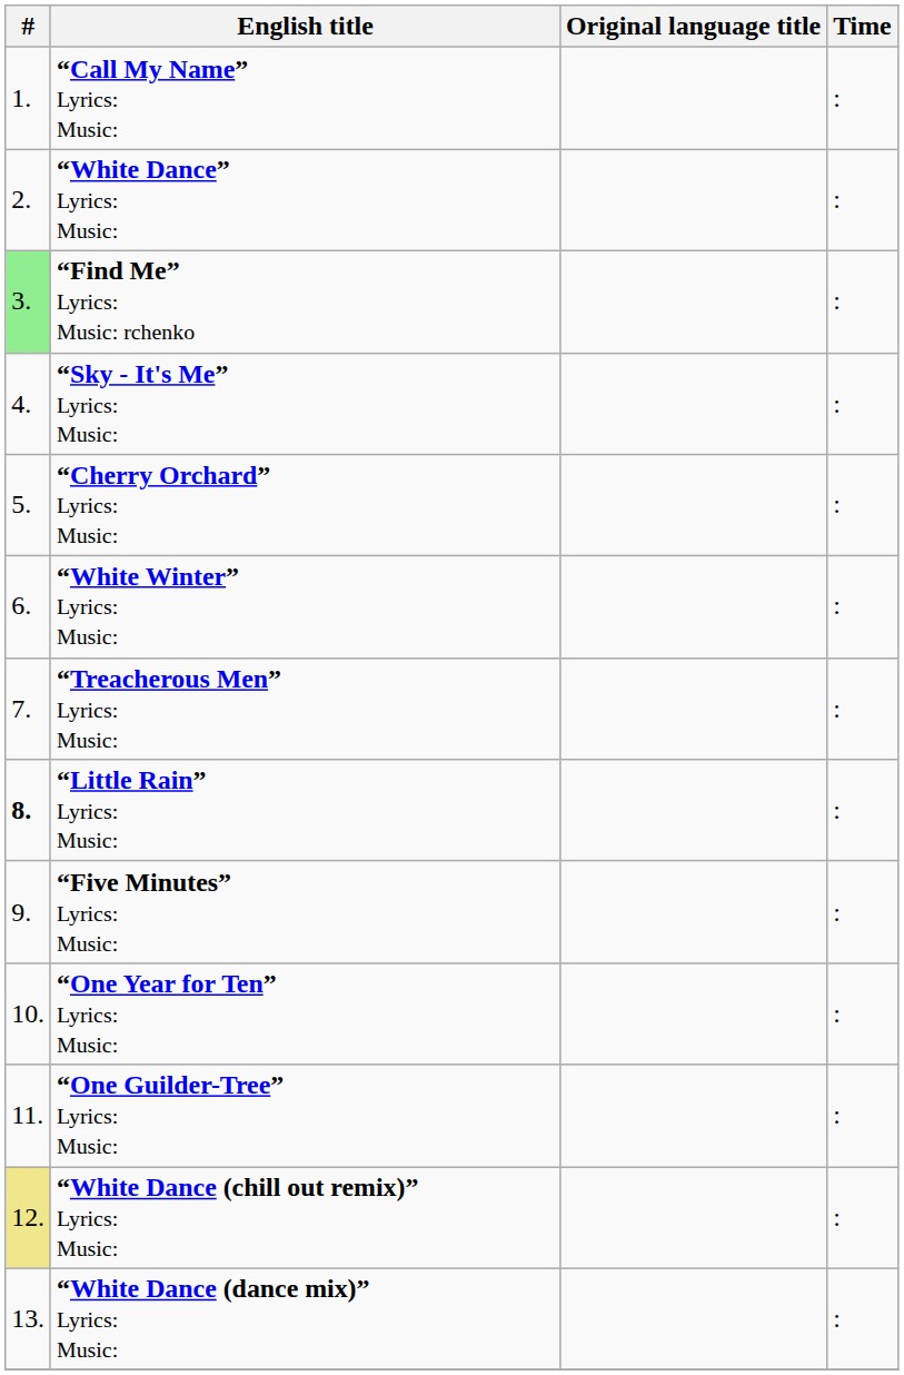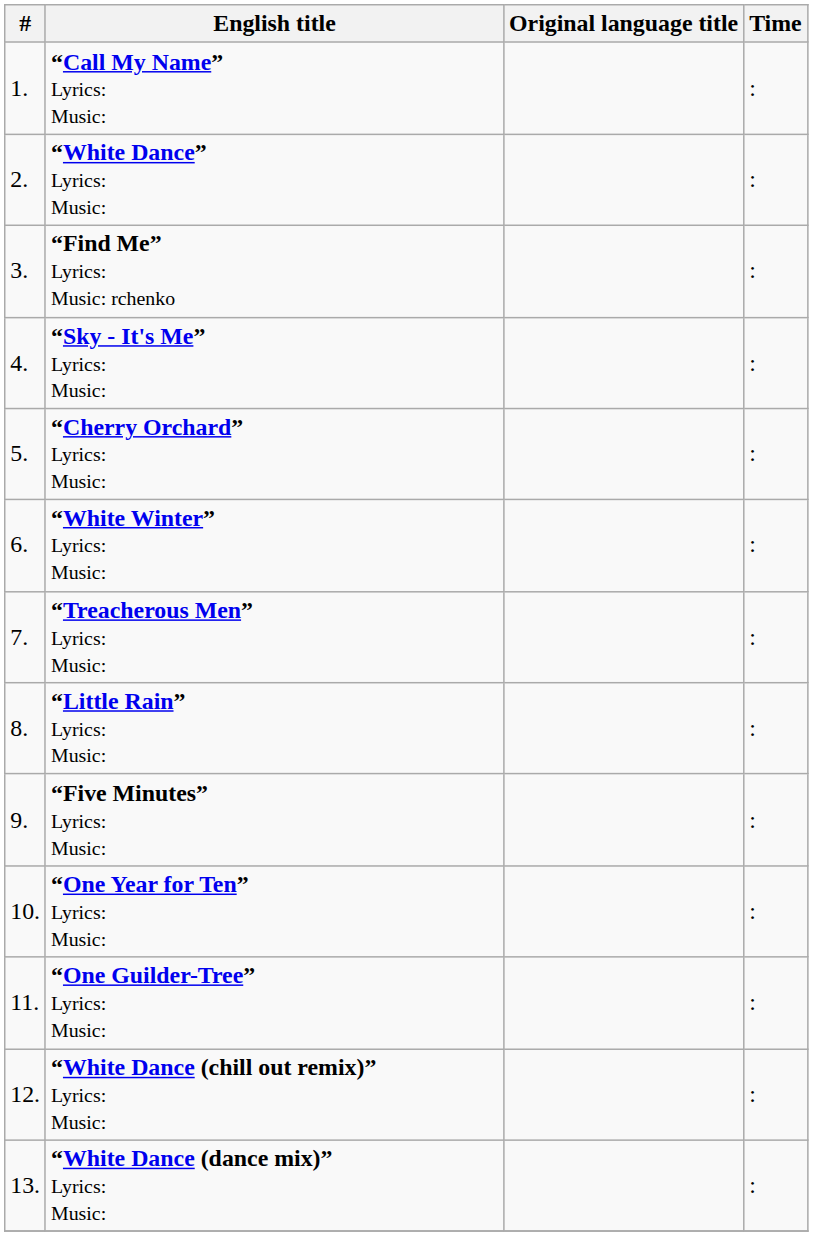 <table class="wikitable">
 <tr>
 <th>#</th>
 <th width="300">English title</th>
 <th>Original language title</th>
 <th>Time</th>
 </tr>
 <tr>
 <td>1.</td>
 <td><strong>“<a href='#'>Call My Name</a>”</strong><br><small>Lyrics:</small> <br><small>Music:</small></td>
 <td></td>
 <td>:</td>
 </tr>
 <tr>
 <td>2.</td>
 <td><strong>“<a href='#'>White Dance</a>”</strong><br><small>Lyrics:</small> <br><small>Music:</small></td>
 <td></td>
 <td>:</td>
 </tr>
 <tr>
-<td style="background: lightgreen;">3.</td>
+<td>3.</td>
 <td><strong>“Find Me”</strong><br><small>Lyrics:</small> <br><small>Music: rchenko</small></td>
 <td></td>
 <td>:</td>
 </tr>
 <tr>
 <td>4.</td>
 <td><strong>“<a href='#'>Sky - It's Me</a>”</strong><br><small>Lyrics:</small> <br><small>Music:</small></td>
 <td></td>
 <td>:</td>
 </tr>
 <tr>
 <td>5.</td>
 <td><strong>“<a href='#'>Cherry Orchard</a>”</strong><br><small>Lyrics:</small><br><small>Music:</small></td>
 <td></td>
 <td>:</td>
 </tr>
 <tr>
 <td>6.</td>
 <td><strong>“<a href='#'>White Winter</a>”</strong><br><small>Lyrics:</small> <br><small>Music:</small></td>
 <td></td>
 <td>:</td>
 </tr>
 <tr>
 <td>7.</td>
 <td><strong>“<a href='#'>Treacherous Men</a>”</strong><br><small>Lyrics:</small> <br><small>Music:</small></td>
 <td></td>
 <td>:</td>
 </tr>
 <tr>
-<td><strong>8.</strong></td>
+<td>8.</td>
 <td><strong>“<a href='#'>Little Rain</a>”</strong><br><small>Lyrics:</small> <br><small>Music:</small></td>
 <td></td>
 <td>:</td>
 </tr>
 <tr>
 <td>9.</td>
 <td><strong>“Five Minutes”</strong><br><small>Lyrics:</small> <br><small>Music:</small></td>
 <td></td>
 <td>:</td>
 </tr>
 <tr>
 <td>10.</td>
 <td><strong>“<a href='#'>One Year for Ten</a>”</strong><br><small>Lyrics:</small> <br><small>Music:</small></td>
 <td></td>
 <td>:</td>
 </tr>
 <tr>
 <td>11.</td>
 <td><strong>“<a href='#'>One Guilder-Tree</a>”</strong><br><small>Lyrics:</small> <br><small>Music:</small></td>
 <td></td>
 <td>:</td>
 </tr>
 <tr>
-<td style="background: khaki;">12.</td>
+<td>12.</td>
 <td><strong>“<a href='#'>White Dance</a> (chill out remix)”</strong><br><small>Lyrics:</small> <br><small>Music:</small></td>
 <td></td>
 <td>:</td>
 </tr>
 <tr>
 <td>13.</td>
 <td><strong>“<a href='#'>White Dance</a> (dance mix)”</strong><br><small>Lyrics:</small> <br><small>Music:</small></td>
 <td></td>
 <td>:</td>
 </tr>
 <tr>
 </tr>
 </table>
